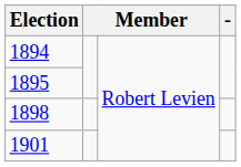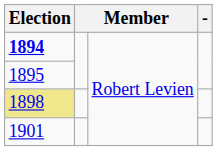 <table class="wikitable">
 <tr>
 <th>Election</th>
 <th colspan="2">Member</th>
 <th Party>-</th>
 </tr>
 <tr>
-<td><a href='#'>1894</a></td>
+<td><strong><a href='#'>1894</a></strong></td>
 <td rowspan="2" > </td>
 <td rowspan="4"><a href='#'>Robert Levien</a></td>
 <td rowspan="2"></td>
 </tr>
 <tr>
 <td><a href='#'>1895</a></td>
 </tr>
 <tr>
-<td><a href='#'>1898</a></td>
+<td style="background: khaki;"><a href='#'>1898</a></td>
 <td> </td>
 <td></td>
 </tr>
 <tr>
 <td><a href='#'>1901</a></td>
 <td> </td>
 <td></td>
 </tr>
 </table>
